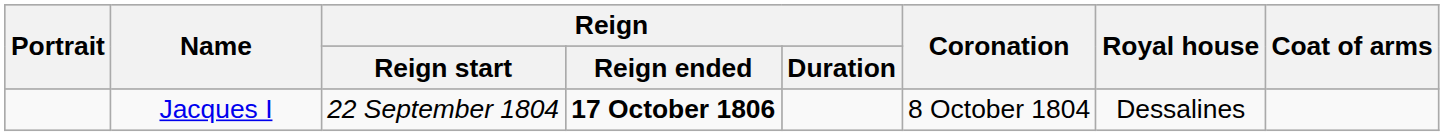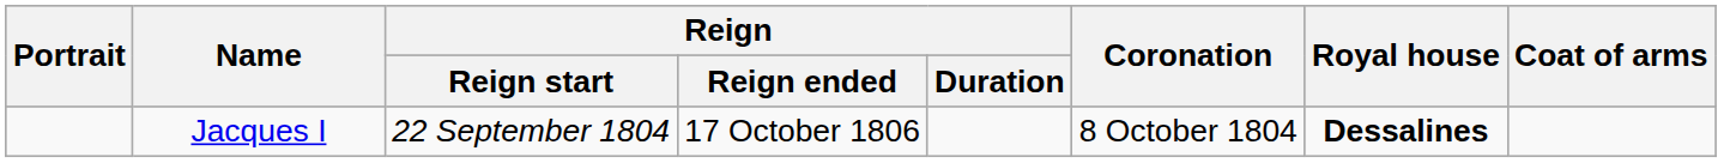 <table class="wikitable" style="text-align:center;">
 <tr>
 <th rowspan="2">Portrait</th>
 <th rowspan="2" width="120">Name<br></th>
 <th colspan="3">Reign</th>
 <th rowspan="2">Coronation</th>
 <th rowspan="2">Royal house</th>
 <th rowspan="2">Coat of arms</th>
 </tr>
 <tr>
 <th>Reign start</th>
 <th>Reign ended</th>
 <th>Duration</th>
 </tr>
 <tr>
 <td></td>
 <td><a href='#'>Jacques I</a><br></td>
 <td><em>22 September 1804</em></td>
-<td><strong>17 October 1806</strong></td>
+<td>17 October 1806</td>
 <td></td>
 <td>8 October 1804</td>
-<td>Dessalines</td>
+<td><strong>Dessalines</strong></td>
 <td></td>
 </tr>
 </table>
